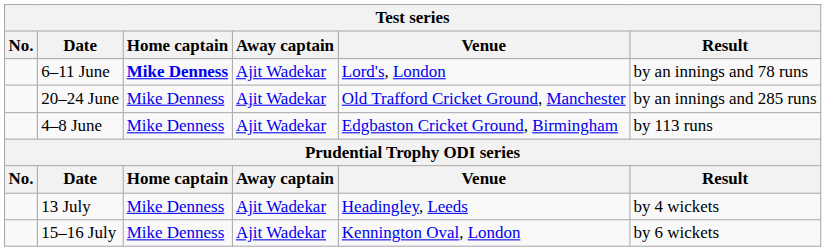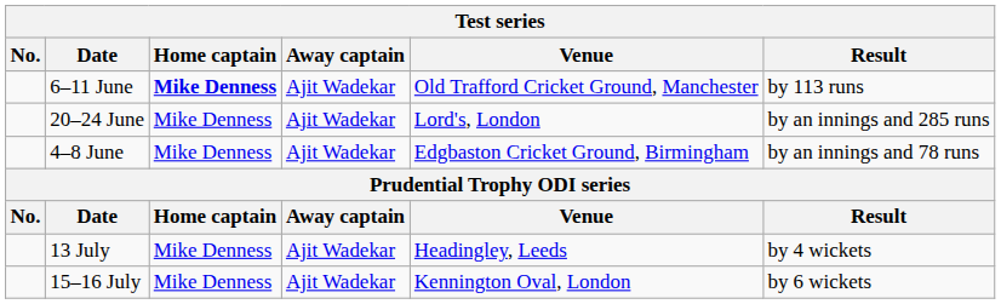 <table class="wikitable">
 <tr>
 <th colspan="9">Test series</th>
 </tr>
 <tr>
 <th>No.</th>
 <th>Date</th>
 <th>Home captain</th>
 <th>Away captain</th>
 <th>Venue</th>
 <th>Result</th>
 </tr>
 <tr>
 <td></td>
 <td>6–11 June</td>
 <td><strong><a href='#'>Mike Denness</a></strong></td>
 <td><a href='#'>Ajit Wadekar</a></td>
-<td><a href='#'>Lord's</a>, <a href='#'>London</a></td>
-<td> by an innings and 78 runs</td>
+<td><a href='#'>Old Trafford Cricket Ground</a>, <a href='#'>Manchester</a></td>
+<td> by 113 runs</td>
 </tr>
 <tr>
 <td></td>
 <td>20–24 June</td>
 <td><a href='#'>Mike Denness</a></td>
 <td><a href='#'>Ajit Wadekar</a></td>
-<td><a href='#'>Old Trafford Cricket Ground</a>, <a href='#'>Manchester</a></td>
+<td><a href='#'>Lord's</a>, <a href='#'>London</a></td>
 <td> by an innings and 285 runs</td>
 </tr>
 <tr>
 <td></td>
 <td>4–8 June</td>
 <td><a href='#'>Mike Denness</a></td>
 <td><a href='#'>Ajit Wadekar</a></td>
 <td><a href='#'>Edgbaston Cricket Ground</a>, <a href='#'>Birmingham</a></td>
-<td> by 113 runs</td>
+<td> by an innings and 78 runs</td>
 </tr>
 <tr>
 <th colspan="9">Prudential Trophy ODI series</th>
 </tr>
 <tr>
 <th>No.</th>
 <th>Date</th>
 <th>Home captain</th>
 <th>Away captain</th>
 <th>Venue</th>
 <th>Result</th>
 </tr>
 <tr>
 <td></td>
 <td>13 July</td>
 <td><a href='#'>Mike Denness</a></td>
 <td><a href='#'>Ajit Wadekar</a></td>
 <td><a href='#'>Headingley</a>, <a href='#'>Leeds</a></td>
 <td> by 4 wickets</td>
 </tr>
 <tr>
 <td></td>
 <td>15–16 July</td>
 <td><a href='#'>Mike Denness</a></td>
 <td><a href='#'>Ajit Wadekar</a></td>
 <td><a href='#'>Kennington Oval</a>, <a href='#'>London</a></td>
 <td> by 6 wickets</td>
 </tr>
 </table>
